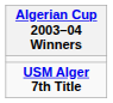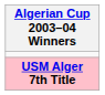 <table class="wikitable" style="text-align: center; margin: 0 auto; width: 20%">
 <tr>
 <th><a href='#'>Algerian Cup</a><br>2003–04 Winners</th>
 </tr>
 <tr>
 <td></td>
 </tr>
 <tr>
-<td><strong><a href='#'>USM Alger</a></strong><br><strong>7th Title</strong></td>
+<td style="background: pink;"><strong><a href='#'>USM Alger</a></strong><br><strong>7th Title</strong></td>
 </tr>
 </table>
